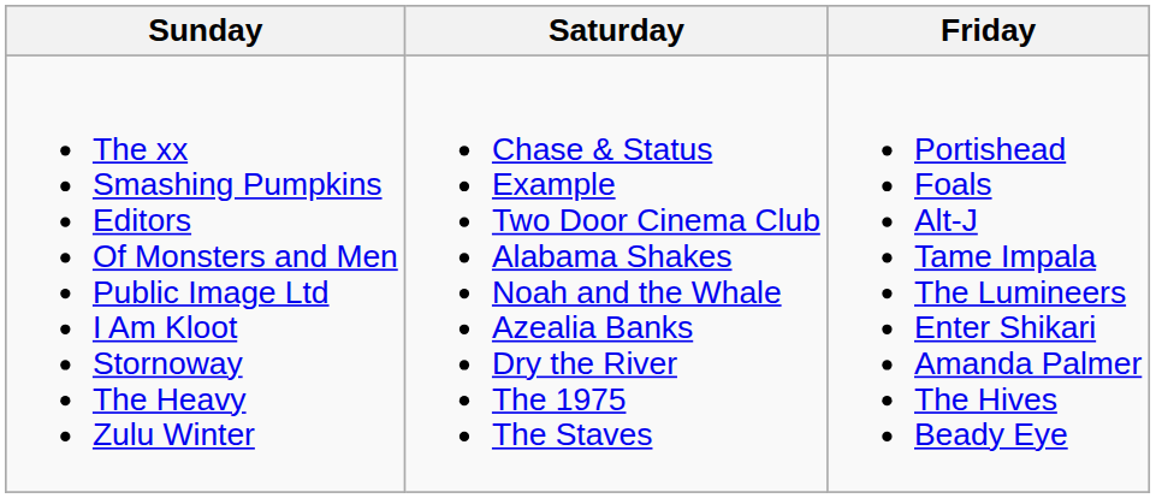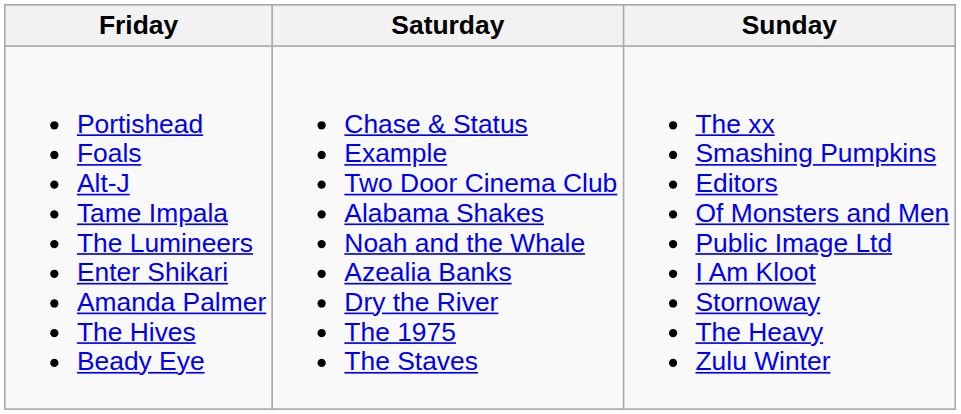 <table class="wikitable">
 <tr>
+<th>Friday</th>
+<th>Saturday</th>
 <th>Sunday</th>
-<th>Saturday</th>
-<th>Friday</th>
 </tr>
 <tr valign="top">
+<td><br><ul><li><a href='#'>Portishead</a></li><li><a href='#'>Foals</a></li><li><a href='#'>Alt-J</a></li><li><a href='#'>Tame Impala</a></li><li><a href='#'>The Lumineers</a></li><li><a href='#'>Enter Shikari</a></li><li><a href='#'>Amanda Palmer</a></li><li><a href='#'>The Hives</a></li><li><a href='#'>Beady Eye</a></li></ul></td>
+<td><br><ul><li><a href='#'>Chase & Status</a></li><li><a href='#'>Example</a></li><li><a href='#'>Two Door Cinema Club</a></li><li><a href='#'>Alabama Shakes</a></li><li><a href='#'>Noah and the Whale</a></li><li><a href='#'>Azealia Banks</a></li><li><a href='#'>Dry the River</a></li><li><a href='#'>The 1975</a></li><li><a href='#'>The Staves</a></li></ul></td>
 <td><br><ul><li><a href='#'>The xx</a></li><li><a href='#'>Smashing Pumpkins</a></li><li><a href='#'>Editors</a></li><li><a href='#'>Of Monsters and Men</a></li><li><a href='#'>Public Image Ltd</a></li><li><a href='#'>I Am Kloot</a></li><li><a href='#'>Stornoway</a></li><li><a href='#'>The Heavy</a></li><li><a href='#'>Zulu Winter</a></li></ul></td>
-<td><br><ul><li><a href='#'>Chase & Status</a></li><li><a href='#'>Example</a></li><li><a href='#'>Two Door Cinema Club</a></li><li><a href='#'>Alabama Shakes</a></li><li><a href='#'>Noah and the Whale</a></li><li><a href='#'>Azealia Banks</a></li><li><a href='#'>Dry the River</a></li><li><a href='#'>The 1975</a></li><li><a href='#'>The Staves</a></li></ul></td>
-<td><br><ul><li><a href='#'>Portishead</a></li><li><a href='#'>Foals</a></li><li><a href='#'>Alt-J</a></li><li><a href='#'>Tame Impala</a></li><li><a href='#'>The Lumineers</a></li><li><a href='#'>Enter Shikari</a></li><li><a href='#'>Amanda Palmer</a></li><li><a href='#'>The Hives</a></li><li><a href='#'>Beady Eye</a></li></ul></td>
 </tr>
 </table>
